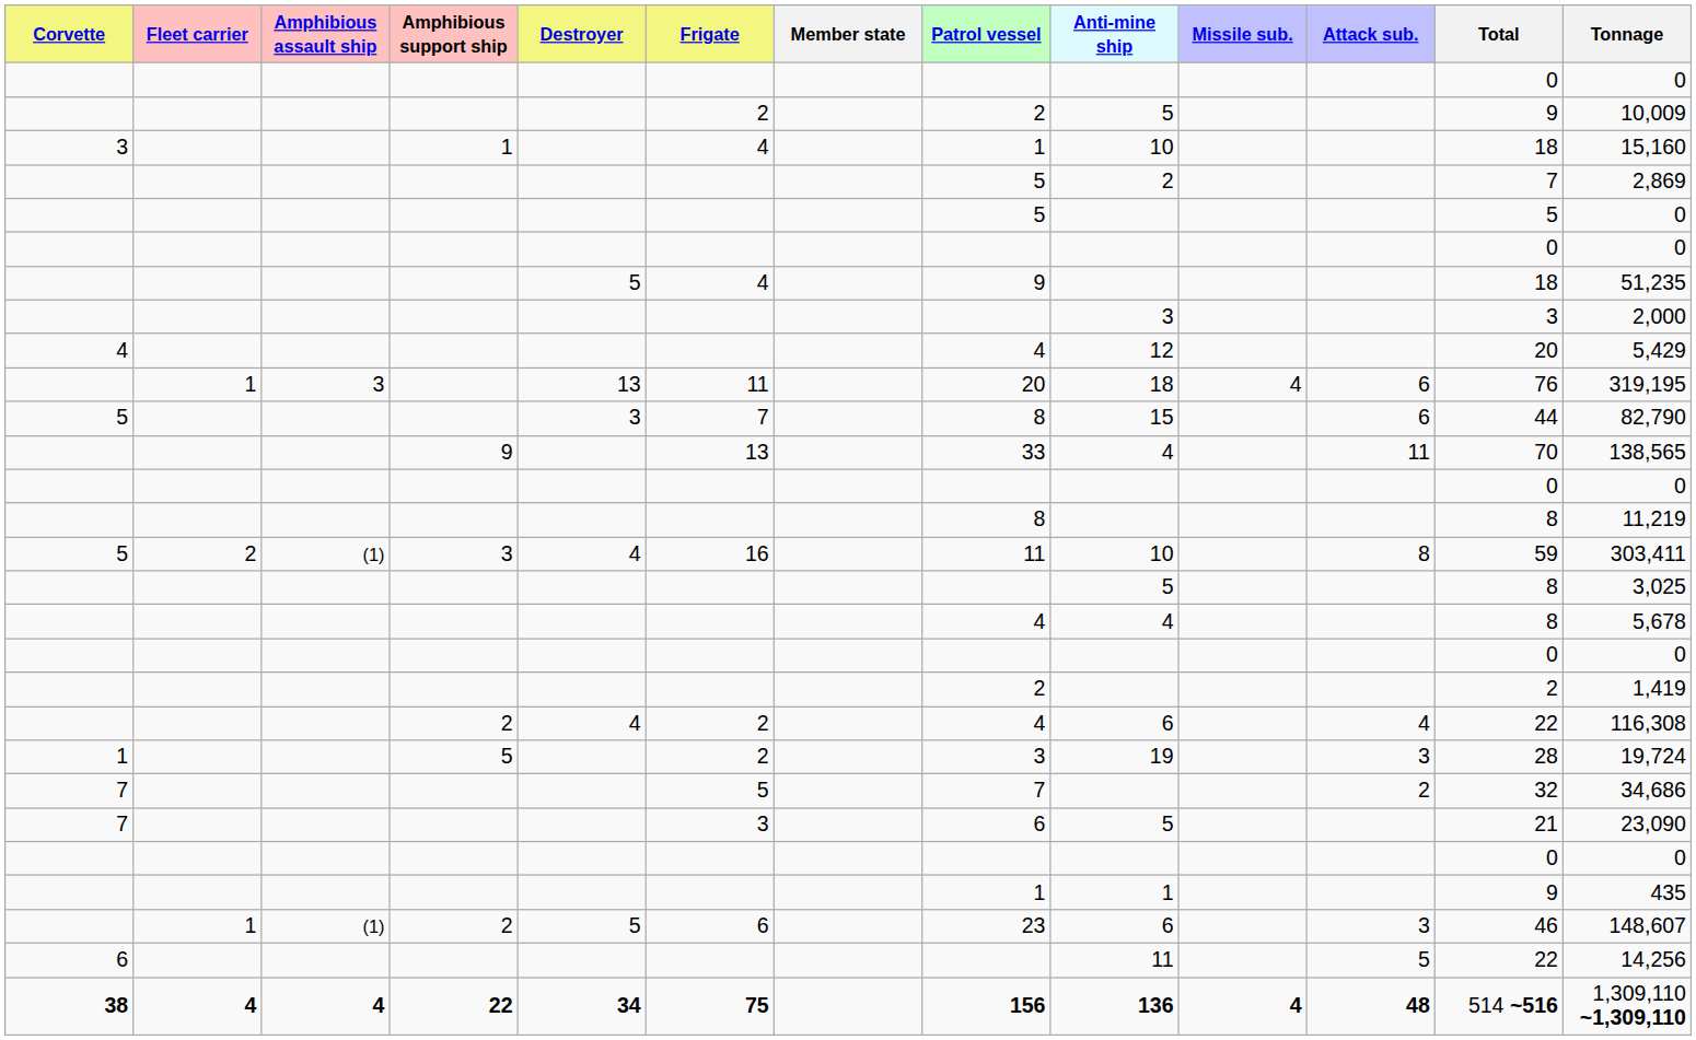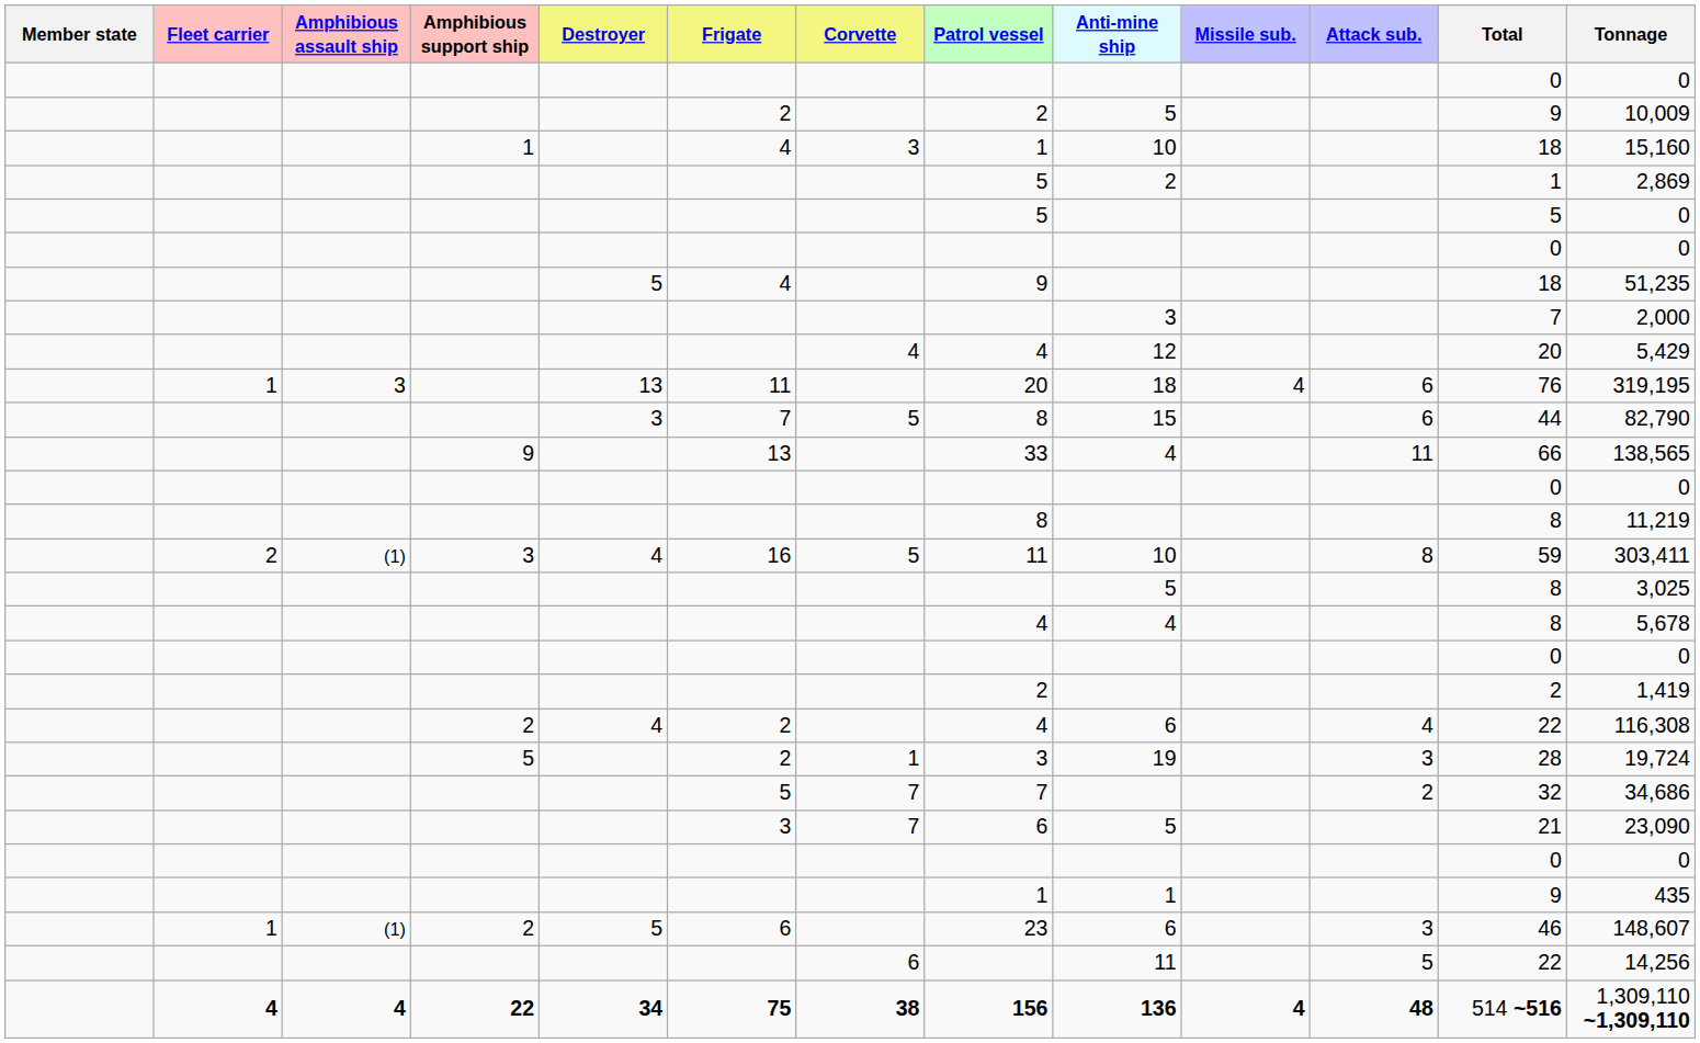 <table class="wikitable sortable"  style="text-align:right; width:100%;">
 <tr>
-<th data-sort-type="number" style="background-color:#f3f781; width:7.6%;"><small><a href='#'>Corvette</a></small></th>
+<th class="unsortable"><small>Member state</small></th>
 <th data-sort-type="number" style="background-color:#ffc0c0; width:7.6%;"><small><a href='#'>Fleet carrier</a></small></th>
 <th data-sort-type="number" style="background-color:#ffc0c0; width:7.6%;"><small><a href='#'>Amphibious assault&nbsp;ship</a></small></th>
 <th data-sort-type="number" style="background-color:#ffc0c0; width:7.6%;"><small>Amphibious support ship</small></th>
 <th data-sort-type="number" style="background-color:#f3f781; width:7.6%;"><small><a href='#'>Destroyer</a></small></th>
 <th data-sort-type="number" style="background-color:#f3f781; width:7.6%;"><small><a href='#'>Frigate</a></small></th>
-<th class="unsortable"><small>Member state</small></th>
+<th data-sort-type="number" style="background-color:#f3f781; width:7.6%;"><small><a href='#'>Corvette</a></small></th>
 <th data-sort-type="number" style="background-color:#c0ffc0; width:7.6%;"><small><a href='#'>Patrol vessel</a></small></th>
 <th data-sort-type="number" style="background-color:#ddfbff; width:7.6%;"><small><a href='#'>Anti-mine ship</a></small></th>
 <th data-sort-type="number" style="background-color:#c0c0ff; width:7.6%;"><small><a href='#'>Missile sub.</a></small></th>
 <th data-sort-type="number" style="background-color:#c0c0ff; width:7.6%;"><small><a href='#'>Attack sub.</a></small></th>
 <th data-sort-type="number" style="width:7.6%;"><small>Total</small></th>
 <th data-sort-type="number" style="width:7.6%;"><small>Tonnage</small></th>
 </tr>
 <tr>
+<td style="text-align:left;"> </td>
 <td></td>
 <td></td>
 <td></td>
 <td></td>
 <td></td>
 <td></td>
-<td style="text-align:left;"> </td>
 <td></td>
 <td></td>
 <td></td>
 <td></td>
 <td>0</td>
 <td>0</td>
 </tr>
 <tr>
-<td></td>
+<td style="text-align:left;"> </td>
 <td></td>
 <td></td>
 <td></td>
 <td></td>
 <td>2</td>
-<td style="text-align:left;"> </td>
+<td></td>
 <td>2</td>
 <td>5</td>
 <td></td>
 <td></td>
 <td>9</td>
 <td>10,009</td>
 </tr>
 <tr>
-<td>3</td>
+<td style="text-align:left;"> </td>
 <td></td>
 <td></td>
 <td>1</td>
 <td></td>
 <td>4</td>
-<td style="text-align:left;"> </td>
+<td>3</td>
 <td>1</td>
 <td>10</td>
 <td></td>
 <td></td>
 <td>18</td>
 <td>15,160</td>
 </tr>
 <tr>
+<td style="text-align:left;"> </td>
 <td></td>
 <td></td>
 <td></td>
 <td></td>
 <td></td>
 <td></td>
-<td style="text-align:left;"> </td>
 <td>5</td>
 <td>2</td>
 <td></td>
 <td></td>
-<td>7</td>
+<td>1</td>
 <td>2,869</td>
 </tr>
 <tr>
+<td style="text-align:left;"> </td>
 <td></td>
 <td></td>
 <td></td>
 <td></td>
 <td></td>
 <td></td>
-<td style="text-align:left;"> </td>
 <td>5</td>
 <td></td>
 <td></td>
 <td></td>
 <td>5</td>
 <td>0</td>
 </tr>
 <tr>
+<td style="text-align:left;"></td>
 <td></td>
 <td></td>
 <td></td>
 <td></td>
 <td></td>
 <td></td>
-<td style="text-align:left;"></td>
 <td></td>
 <td></td>
 <td></td>
 <td></td>
 <td>0</td>
 <td>0</td>
 </tr>
 <tr>
-<td></td>
+<td style="text-align:left;"> </td>
 <td></td>
 <td></td>
 <td></td>
 <td>5</td>
 <td>4</td>
-<td style="text-align:left;"> </td>
+<td></td>
 <td>9</td>
 <td></td>
 <td></td>
 <td></td>
 <td>18</td>
 <td>51,235</td>
 </tr>
 <tr>
+<td style="text-align:left;"> </td>
 <td></td>
 <td></td>
 <td></td>
 <td></td>
 <td></td>
 <td></td>
-<td style="text-align:left;"> </td>
 <td></td>
 <td>3</td>
 <td></td>
 <td></td>
-<td>3</td>
+<td>7</td>
 <td>2,000</td>
 </tr>
 <tr>
-<td>4</td>
+<td style="text-align:left;"> </td>
 <td></td>
 <td></td>
 <td></td>
 <td></td>
 <td></td>
-<td style="text-align:left;"> </td>
+<td>4</td>
 <td>4</td>
 <td>12</td>
 <td></td>
 <td></td>
 <td>20</td>
 <td>5,429</td>
 </tr>
 <tr>
-<td></td>
+<td style="text-align:left;"> </td>
 <td>1</td>
 <td>3</td>
 <td></td>
 <td>13</td>
 <td>11</td>
-<td style="text-align:left;"> </td>
+<td></td>
 <td>20</td>
 <td>18</td>
 <td>4</td>
 <td>6</td>
 <td>76</td>
 <td>319,195</td>
 </tr>
 <tr>
-<td>5</td>
+<td style="text-align:left;"> </td>
 <td></td>
 <td></td>
 <td></td>
 <td>3</td>
 <td>7</td>
-<td style="text-align:left;"> </td>
+<td>5</td>
 <td>8</td>
 <td>15</td>
 <td></td>
 <td>6</td>
 <td>44</td>
 <td>82,790</td>
 </tr>
 <tr>
-<td></td>
+<td style="text-align:left;"> </td>
 <td></td>
 <td></td>
 <td>9</td>
 <td></td>
 <td>13</td>
-<td style="text-align:left;"> </td>
+<td></td>
 <td>33</td>
 <td>4</td>
 <td></td>
 <td>11</td>
-<td>70</td>
+<td>66</td>
 <td>138,565</td>
 </tr>
 <tr>
+<td style="text-align:left;"> </td>
 <td></td>
 <td></td>
 <td></td>
 <td></td>
 <td></td>
 <td></td>
-<td style="text-align:left;"> </td>
 <td></td>
 <td></td>
 <td></td>
 <td></td>
 <td>0</td>
 <td>0</td>
 </tr>
 <tr>
+<td style="text-align:left;"> </td>
 <td></td>
 <td></td>
 <td></td>
 <td></td>
 <td></td>
 <td></td>
-<td style="text-align:left;"> </td>
 <td>8</td>
 <td></td>
 <td></td>
 <td></td>
 <td>8</td>
 <td>11,219</td>
 </tr>
 <tr>
-<td>5</td>
+<td style="text-align:left;"> </td>
 <td>2</td>
 <td><small>(1)</small></td>
 <td>3</td>
 <td>4</td>
 <td>16</td>
-<td style="text-align:left;"> </td>
+<td>5</td>
 <td>11</td>
 <td>10</td>
 <td></td>
 <td>8</td>
 <td>59</td>
 <td>303,411</td>
 </tr>
 <tr>
+<td style="text-align:left;"> </td>
 <td></td>
 <td></td>
 <td></td>
 <td></td>
 <td></td>
 <td></td>
-<td style="text-align:left;"> </td>
 <td></td>
 <td>5</td>
 <td></td>
 <td></td>
 <td>8</td>
 <td>3,025</td>
 </tr>
 <tr>
+<td style="text-align:left;"> </td>
 <td></td>
 <td></td>
 <td></td>
 <td></td>
 <td></td>
 <td></td>
-<td style="text-align:left;"> </td>
 <td>4</td>
 <td>4</td>
 <td></td>
 <td></td>
 <td>8</td>
 <td>5,678</td>
 </tr>
 <tr>
+<td style="text-align:left;"> </td>
 <td></td>
 <td></td>
 <td></td>
 <td></td>
 <td></td>
 <td></td>
-<td style="text-align:left;"> </td>
 <td></td>
 <td></td>
 <td></td>
 <td></td>
 <td>0</td>
 <td>0</td>
 </tr>
 <tr>
+<td style="text-align:left;"> </td>
 <td></td>
 <td></td>
 <td></td>
 <td></td>
 <td></td>
 <td></td>
-<td style="text-align:left;"> </td>
 <td>2</td>
 <td></td>
 <td></td>
 <td></td>
 <td>2</td>
 <td>1,419</td>
 </tr>
 <tr>
-<td></td>
+<td style="text-align:left;"></td>
 <td></td>
 <td></td>
 <td>2</td>
 <td>4</td>
 <td>2</td>
-<td style="text-align:left;"></td>
+<td></td>
 <td>4</td>
 <td>6</td>
 <td></td>
 <td>4</td>
 <td>22</td>
 <td>116,308</td>
 </tr>
 <tr>
-<td>1</td>
+<td style="text-align:left;"> </td>
 <td></td>
 <td></td>
 <td>5</td>
 <td></td>
 <td>2</td>
-<td style="text-align:left;"> </td>
+<td>1</td>
 <td>3</td>
 <td>19</td>
 <td></td>
 <td>3</td>
 <td>28</td>
 <td>19,724</td>
 </tr>
 <tr>
-<td>7</td>
+<td style="text-align:left;"> </td>
 <td></td>
 <td></td>
 <td></td>
 <td></td>
 <td>5</td>
-<td style="text-align:left;"> </td>
+<td>7</td>
 <td>7</td>
 <td></td>
 <td></td>
 <td>2</td>
 <td>32</td>
 <td>34,686</td>
 </tr>
 <tr>
-<td>7</td>
+<td style="text-align:left;"> </td>
 <td></td>
 <td></td>
 <td></td>
 <td></td>
 <td>3</td>
-<td style="text-align:left;"> </td>
+<td>7</td>
 <td>6</td>
 <td>5</td>
 <td></td>
 <td></td>
 <td>21</td>
 <td>23,090</td>
 </tr>
 <tr>
+<td style="text-align:left;"> </td>
 <td></td>
 <td></td>
 <td></td>
 <td></td>
 <td></td>
 <td></td>
-<td style="text-align:left;"> </td>
 <td></td>
 <td></td>
 <td></td>
 <td></td>
 <td>0</td>
 <td>0</td>
 </tr>
 <tr>
+<td style="text-align:left;"> </td>
 <td></td>
 <td></td>
 <td></td>
 <td></td>
 <td></td>
 <td></td>
-<td style="text-align:left;"> </td>
 <td>1</td>
 <td>1</td>
 <td></td>
 <td></td>
 <td>9</td>
 <td>435</td>
 </tr>
 <tr>
-<td></td>
+<td style="text-align:left;"> </td>
 <td>1</td>
 <td><small>(1)</small></td>
 <td>2</td>
 <td>5</td>
 <td>6</td>
-<td style="text-align:left;"> </td>
+<td></td>
 <td>23</td>
 <td>6</td>
 <td></td>
 <td>3</td>
 <td>46</td>
 <td>148,607</td>
 </tr>
 <tr>
-<td>6</td>
+<td style="text-align:left;"> </td>
 <td></td>
 <td></td>
 <td></td>
 <td></td>
 <td></td>
-<td style="text-align:left;"> </td>
+<td>6</td>
 <td></td>
 <td>11</td>
 <td></td>
 <td>5</td>
 <td>22</td>
 <td>14,256</td>
 </tr>
 <tr>
-<td><strong>38</strong></td>
+<td style="text-align:left;"> </td>
 <td><strong>4</strong></td>
 <td><strong>4</strong></td>
 <td><strong>22</strong></td>
 <td><strong>34</strong></td>
 <td><strong>75</strong></td>
-<td style="text-align:left;"> </td>
+<td><strong>38</strong></td>
 <td><strong>156</strong></td>
 <td><strong>136</strong></td>
 <td><strong>4</strong></td>
 <td><strong>48</strong></td>
 <td><span>514</span> <strong>~516</strong></td>
 <td><span>1,309,110</span> <strong>~1,309,110</strong></td>
 </tr>
 </table>
